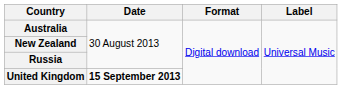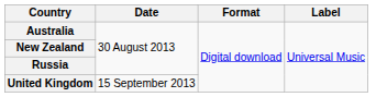 <table class="wikitable plainrowheaders">
 <tr>
 <th scope="col">Country</th>
 <th scope="col">Date</th>
 <th scope="col">Format</th>
 <th scope="col">Label</th>
 </tr>
 <tr>
 <th scope="row">Australia</th>
 <td rowspan="3">30 August 2013</td>
 <td rowspan="4"><a href='#'>Digital download</a></td>
 <td rowspan="4"><a href='#'>Universal Music</a></td>
 </tr>
 <tr>
 <th scope="row">New Zealand</th>
 </tr>
 <tr>
 <th scope="row">Russia</th>
 </tr>
 <tr>
 <th scope="row">United Kingdom</th>
-<td><strong>15 September 2013</strong></td>
+<td>15 September 2013</td>
 </tr>
 </table>
